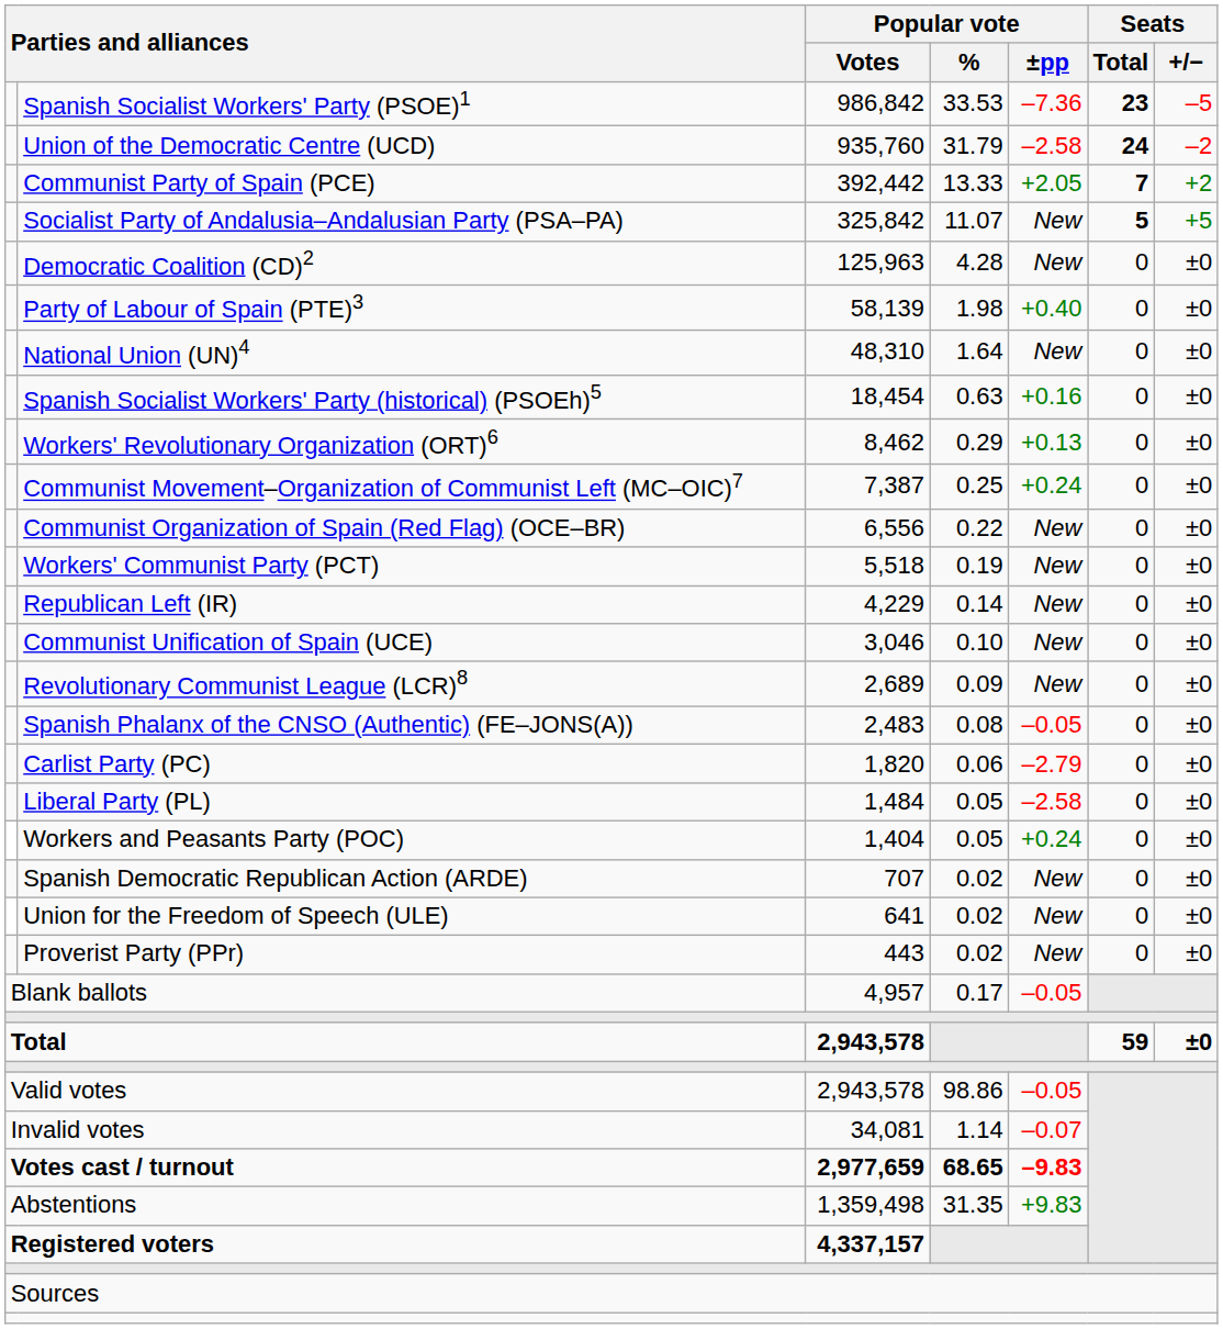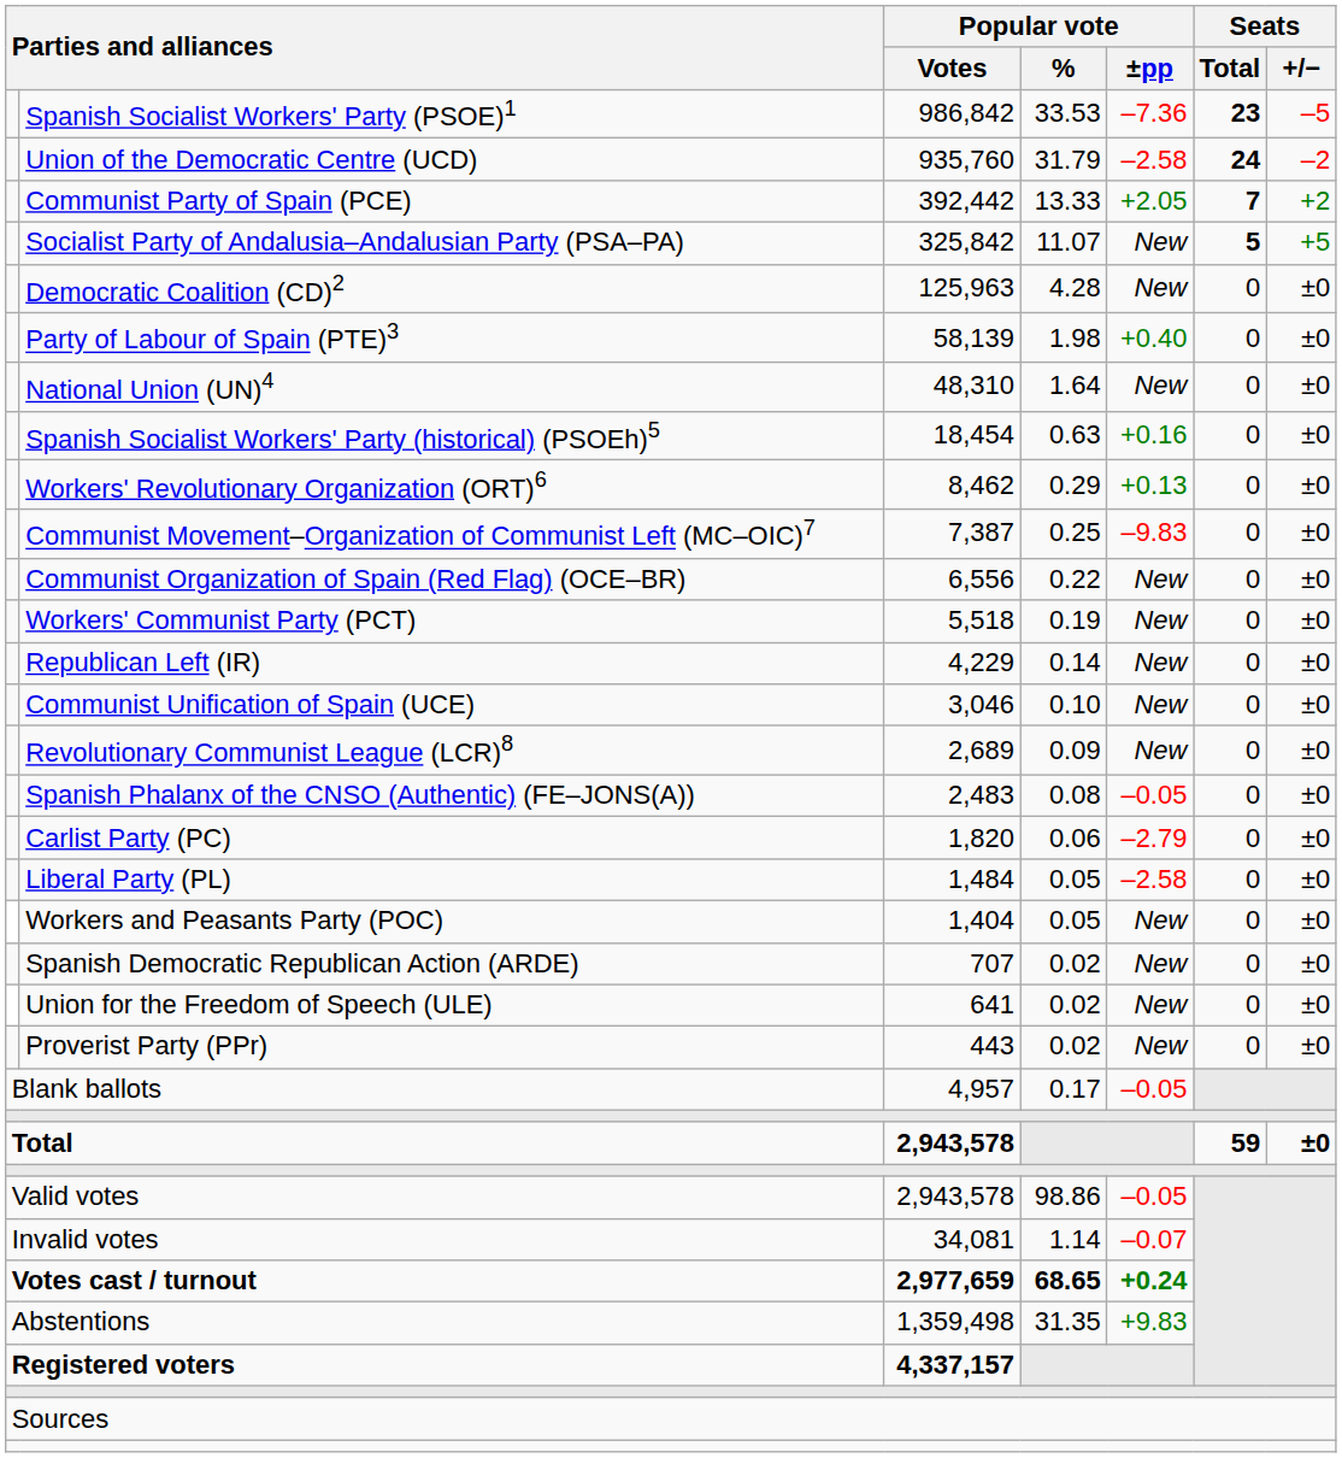 <table class="wikitable" style="text-align:right;">
 <tr>
 <th style="text-align:left;" rowspan="2" colspan="2" width="525">Parties and alliances</th>
 <th colspan="3">Popular vote</th>
 <th colspan="2">Seats</th>
 </tr>
 <tr>
 <th width="75">Votes</th>
 <th width="45">%</th>
 <th width="45">±<a href='#'>pp</a></th>
 <th width="35">Total</th>
 <th width="35">+/−</th>
 </tr>
 <tr>
 <td width="1" style="color:inherit;background:"></td>
 <td align="left"><a href='#'>Spanish Socialist Workers' Party</a> (PSOE)<sup>1</sup></td>
 <td>986,842</td>
 <td>33.53</td>
 <td style="color:red;">–7.36</td>
 <td><strong>23</strong></td>
 <td style="color:red;">–5</td>
 </tr>
 <tr>
 <td style="color:inherit;background:"></td>
 <td align="left"><a href='#'>Union of the Democratic Centre</a> (UCD)</td>
 <td>935,760</td>
 <td>31.79</td>
 <td style="color:red;">–2.58</td>
 <td><strong>24</strong></td>
 <td style="color:red;">–2</td>
 </tr>
 <tr>
 <td style="color:inherit;background:"></td>
 <td align="left"><a href='#'>Communist Party of Spain</a> (PCE)</td>
 <td>392,442</td>
 <td>13.33</td>
 <td style="color:green;">+2.05</td>
 <td><strong>7</strong></td>
 <td style="color:green;">+2</td>
 </tr>
 <tr>
 <td style="color:inherit;background:"></td>
 <td align="left"><a href='#'>Socialist Party of Andalusia–Andalusian Party</a> (PSA–PA)</td>
 <td>325,842</td>
 <td>11.07</td>
 <td><em>New</em></td>
 <td><strong>5</strong></td>
 <td style="color:green;">+5</td>
 </tr>
 <tr>
 <td style="color:inherit;background:"></td>
 <td align="left"><a href='#'>Democratic Coalition</a> (CD)<sup>2</sup></td>
 <td>125,963</td>
 <td>4.28</td>
 <td><em>New</em></td>
 <td>0</td>
 <td>±0</td>
 </tr>
 <tr>
 <td style="color:inherit;background:"></td>
 <td align="left"><a href='#'>Party of Labour of Spain</a> (PTE)<sup>3</sup></td>
 <td>58,139</td>
 <td>1.98</td>
 <td style="color:green;">+0.40</td>
 <td>0</td>
 <td>±0</td>
 </tr>
 <tr>
 <td style="color:inherit;background:"></td>
 <td align="left"><a href='#'>National Union</a> (UN)<sup>4</sup></td>
 <td>48,310</td>
 <td>1.64</td>
 <td><em>New</em></td>
 <td>0</td>
 <td>±0</td>
 </tr>
 <tr>
 <td style="color:inherit;background:"></td>
 <td align="left"><a href='#'>Spanish Socialist Workers' Party (historical)</a> (PSOEh)<sup>5</sup></td>
 <td>18,454</td>
 <td>0.63</td>
 <td style="color:green;">+0.16</td>
 <td>0</td>
 <td>±0</td>
 </tr>
 <tr>
 <td style="color:inherit;background:"></td>
 <td align="left"><a href='#'>Workers' Revolutionary Organization</a> (ORT)<sup>6</sup></td>
 <td>8,462</td>
 <td>0.29</td>
 <td style="color:green;">+0.13</td>
 <td>0</td>
 <td>±0</td>
 </tr>
 <tr>
 <td style="color:inherit;background:"></td>
 <td align="left"><a href='#'>Communist Movement</a>–<a href='#'>Organization of Communist Left</a> (MC–OIC)<sup>7</sup></td>
 <td>7,387</td>
 <td>0.25</td>
-<td style="color:green;">+0.24</td>
+<td style="color:red;">–9.83</td>
 <td>0</td>
 <td>±0</td>
 </tr>
 <tr>
 <td style="color:inherit;background:"></td>
 <td align="left"><a href='#'>Communist Organization of Spain (Red Flag)</a> (OCE–BR)</td>
 <td>6,556</td>
 <td>0.22</td>
 <td><em>New</em></td>
 <td>0</td>
 <td>±0</td>
 </tr>
 <tr>
 <td style="color:inherit;background:"></td>
 <td align="left"><a href='#'>Workers' Communist Party</a> (PCT)</td>
 <td>5,518</td>
 <td>0.19</td>
 <td><em>New</em></td>
 <td>0</td>
 <td>±0</td>
 </tr>
 <tr>
 <td style="color:inherit;background:"></td>
 <td align="left"><a href='#'>Republican Left</a> (IR)</td>
 <td>4,229</td>
 <td>0.14</td>
 <td><em>New</em></td>
 <td>0</td>
 <td>±0</td>
 </tr>
 <tr>
 <td style="color:inherit;background:"></td>
 <td align="left"><a href='#'>Communist Unification of Spain</a> (UCE)</td>
 <td>3,046</td>
 <td>0.10</td>
 <td><em>New</em></td>
 <td>0</td>
 <td>±0</td>
 </tr>
 <tr>
 <td style="color:inherit;background:"></td>
 <td align="left"><a href='#'>Revolutionary Communist League</a> (LCR)<sup>8</sup></td>
 <td>2,689</td>
 <td>0.09</td>
 <td><em>New</em></td>
 <td>0</td>
 <td>±0</td>
 </tr>
 <tr>
 <td style="color:inherit;background:"></td>
 <td align="left"><a href='#'>Spanish Phalanx of the CNSO (Authentic)</a> (FE–JONS(A))</td>
 <td>2,483</td>
 <td>0.08</td>
 <td style="color:red;">–0.05</td>
 <td>0</td>
 <td>±0</td>
 </tr>
 <tr>
 <td style="color:inherit;background:"></td>
 <td align="left"><a href='#'>Carlist Party</a> (PC)</td>
 <td>1,820</td>
 <td>0.06</td>
 <td style="color:red;">–2.79</td>
 <td>0</td>
 <td>±0</td>
 </tr>
 <tr>
 <td style="color:inherit;background:"></td>
 <td align="left"><a href='#'>Liberal Party</a> (PL)</td>
 <td>1,484</td>
 <td>0.05</td>
 <td style="color:red;">–2.58</td>
 <td>0</td>
 <td>±0</td>
 </tr>
 <tr>
 <td bgcolor="white"></td>
 <td align="left">Workers and Peasants Party (POC)</td>
 <td>1,404</td>
 <td>0.05</td>
-<td style="color:green;">+0.24</td>
+<td><em>New</em></td>
 <td>0</td>
 <td>±0</td>
 </tr>
 <tr>
 <td style="color:inherit;background:"></td>
 <td align="left">Spanish Democratic Republican Action (ARDE)</td>
 <td>707</td>
 <td>0.02</td>
 <td><em>New</em></td>
 <td>0</td>
 <td>±0</td>
 </tr>
 <tr>
 <td bgcolor="white"></td>
 <td align="left">Union for the Freedom of Speech (ULE)</td>
 <td>641</td>
 <td>0.02</td>
 <td><em>New</em></td>
 <td>0</td>
 <td>±0</td>
 </tr>
 <tr>
 <td style="color:inherit;background:"></td>
 <td align="left">Proverist Party (PPr)</td>
 <td>443</td>
 <td>0.02</td>
 <td><em>New</em></td>
 <td>0</td>
 <td>±0</td>
 </tr>
 <tr>
 <td align="left" colspan="2">Blank ballots</td>
 <td>4,957</td>
 <td>0.17</td>
 <td style="color:red;">–0.05</td>
 <td bgcolor="#E9E9E9" colspan="2"></td>
 </tr>
 <tr>
 <td colspan="7" bgcolor="#E9E9E9"></td>
 </tr>
 <tr style="font-weight:bold;">
 <td align="left" colspan="2">Total</td>
 <td>2,943,578</td>
 <td bgcolor="#E9E9E9" colspan="2"></td>
 <td>59</td>
 <td>±0</td>
 </tr>
 <tr>
 <td colspan="7" bgcolor="#E9E9E9"></td>
 </tr>
 <tr>
 <td align="left" colspan="2">Valid votes</td>
 <td>2,943,578</td>
 <td>98.86</td>
 <td style="color:red;">–0.05</td>
 <td bgcolor="#E9E9E9" colspan="2" rowspan="5"></td>
 </tr>
 <tr>
 <td align="left" colspan="2">Invalid votes</td>
 <td>34,081</td>
 <td>1.14</td>
 <td style="color:red;">–0.07</td>
 </tr>
 <tr style="font-weight:bold;">
 <td align="left" colspan="2">Votes cast / turnout</td>
 <td>2,977,659</td>
 <td>68.65</td>
-<td style="color:red;">–9.83</td>
+<td style="color:green;">+0.24</td>
 </tr>
 <tr>
 <td align="left" colspan="2">Abstentions</td>
 <td>1,359,498</td>
 <td>31.35</td>
 <td style="color:green;">+9.83</td>
 </tr>
 <tr style="font-weight:bold;">
 <td align="left" colspan="2">Registered voters</td>
 <td>4,337,157</td>
 <td bgcolor="#E9E9E9" colspan="2"></td>
 </tr>
 <tr>
 <td colspan="7" bgcolor="#E9E9E9"></td>
 </tr>
 <tr>
 <td align="left" colspan="7">Sources</td>
 </tr>
 <tr>
 <td colspan="7" style="text-align:left; max-width:790px;"></td>
 </tr>
 </table>
